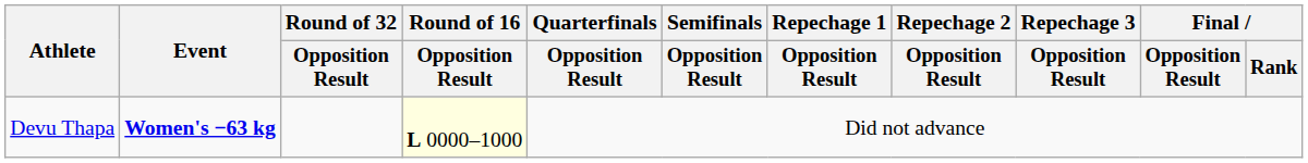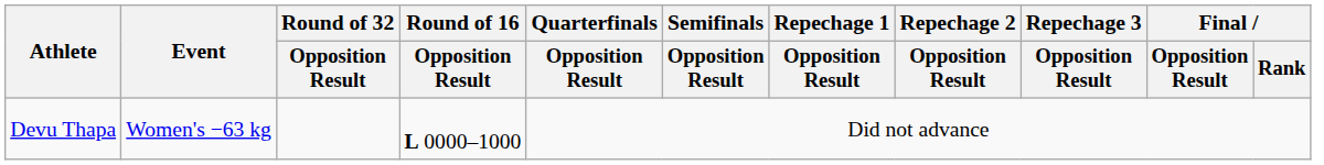 <table class="wikitable" style="font-size:90%">
 <tr>
 <th rowspan="2">Athlete</th>
 <th rowspan="2">Event</th>
 <th>Round of 32</th>
 <th>Round of 16</th>
 <th>Quarterfinals</th>
 <th>Semifinals</th>
 <th>Repechage 1</th>
 <th>Repechage 2</th>
 <th>Repechage 3</th>
 <th colspan=2>Final / </th>
 </tr>
 <tr style="font-size:95%">
 <th>Opposition<br>Result</th>
 <th>Opposition<br>Result</th>
 <th>Opposition<br>Result</th>
 <th>Opposition<br>Result</th>
 <th>Opposition<br>Result</th>
 <th>Opposition<br>Result</th>
 <th>Opposition<br>Result</th>
 <th>Opposition<br>Result</th>
 <th>Rank</th>
 </tr>
 <tr align=center>
 <td align=left><a href='#'>Devu Thapa</a></td>
-<td align=left><strong><a href='#'>Women's −63 kg</a></strong></td>
+<td align=left><a href='#'>Women's −63 kg</a></td>
 <td></td>
-<td style="background: lightyellow;"><br><strong>L</strong> 0000–1000</td>
+<td><br><strong>L</strong> 0000–1000</td>
 <td colspan=7>Did not advance</td>
 </tr>
 </table>
